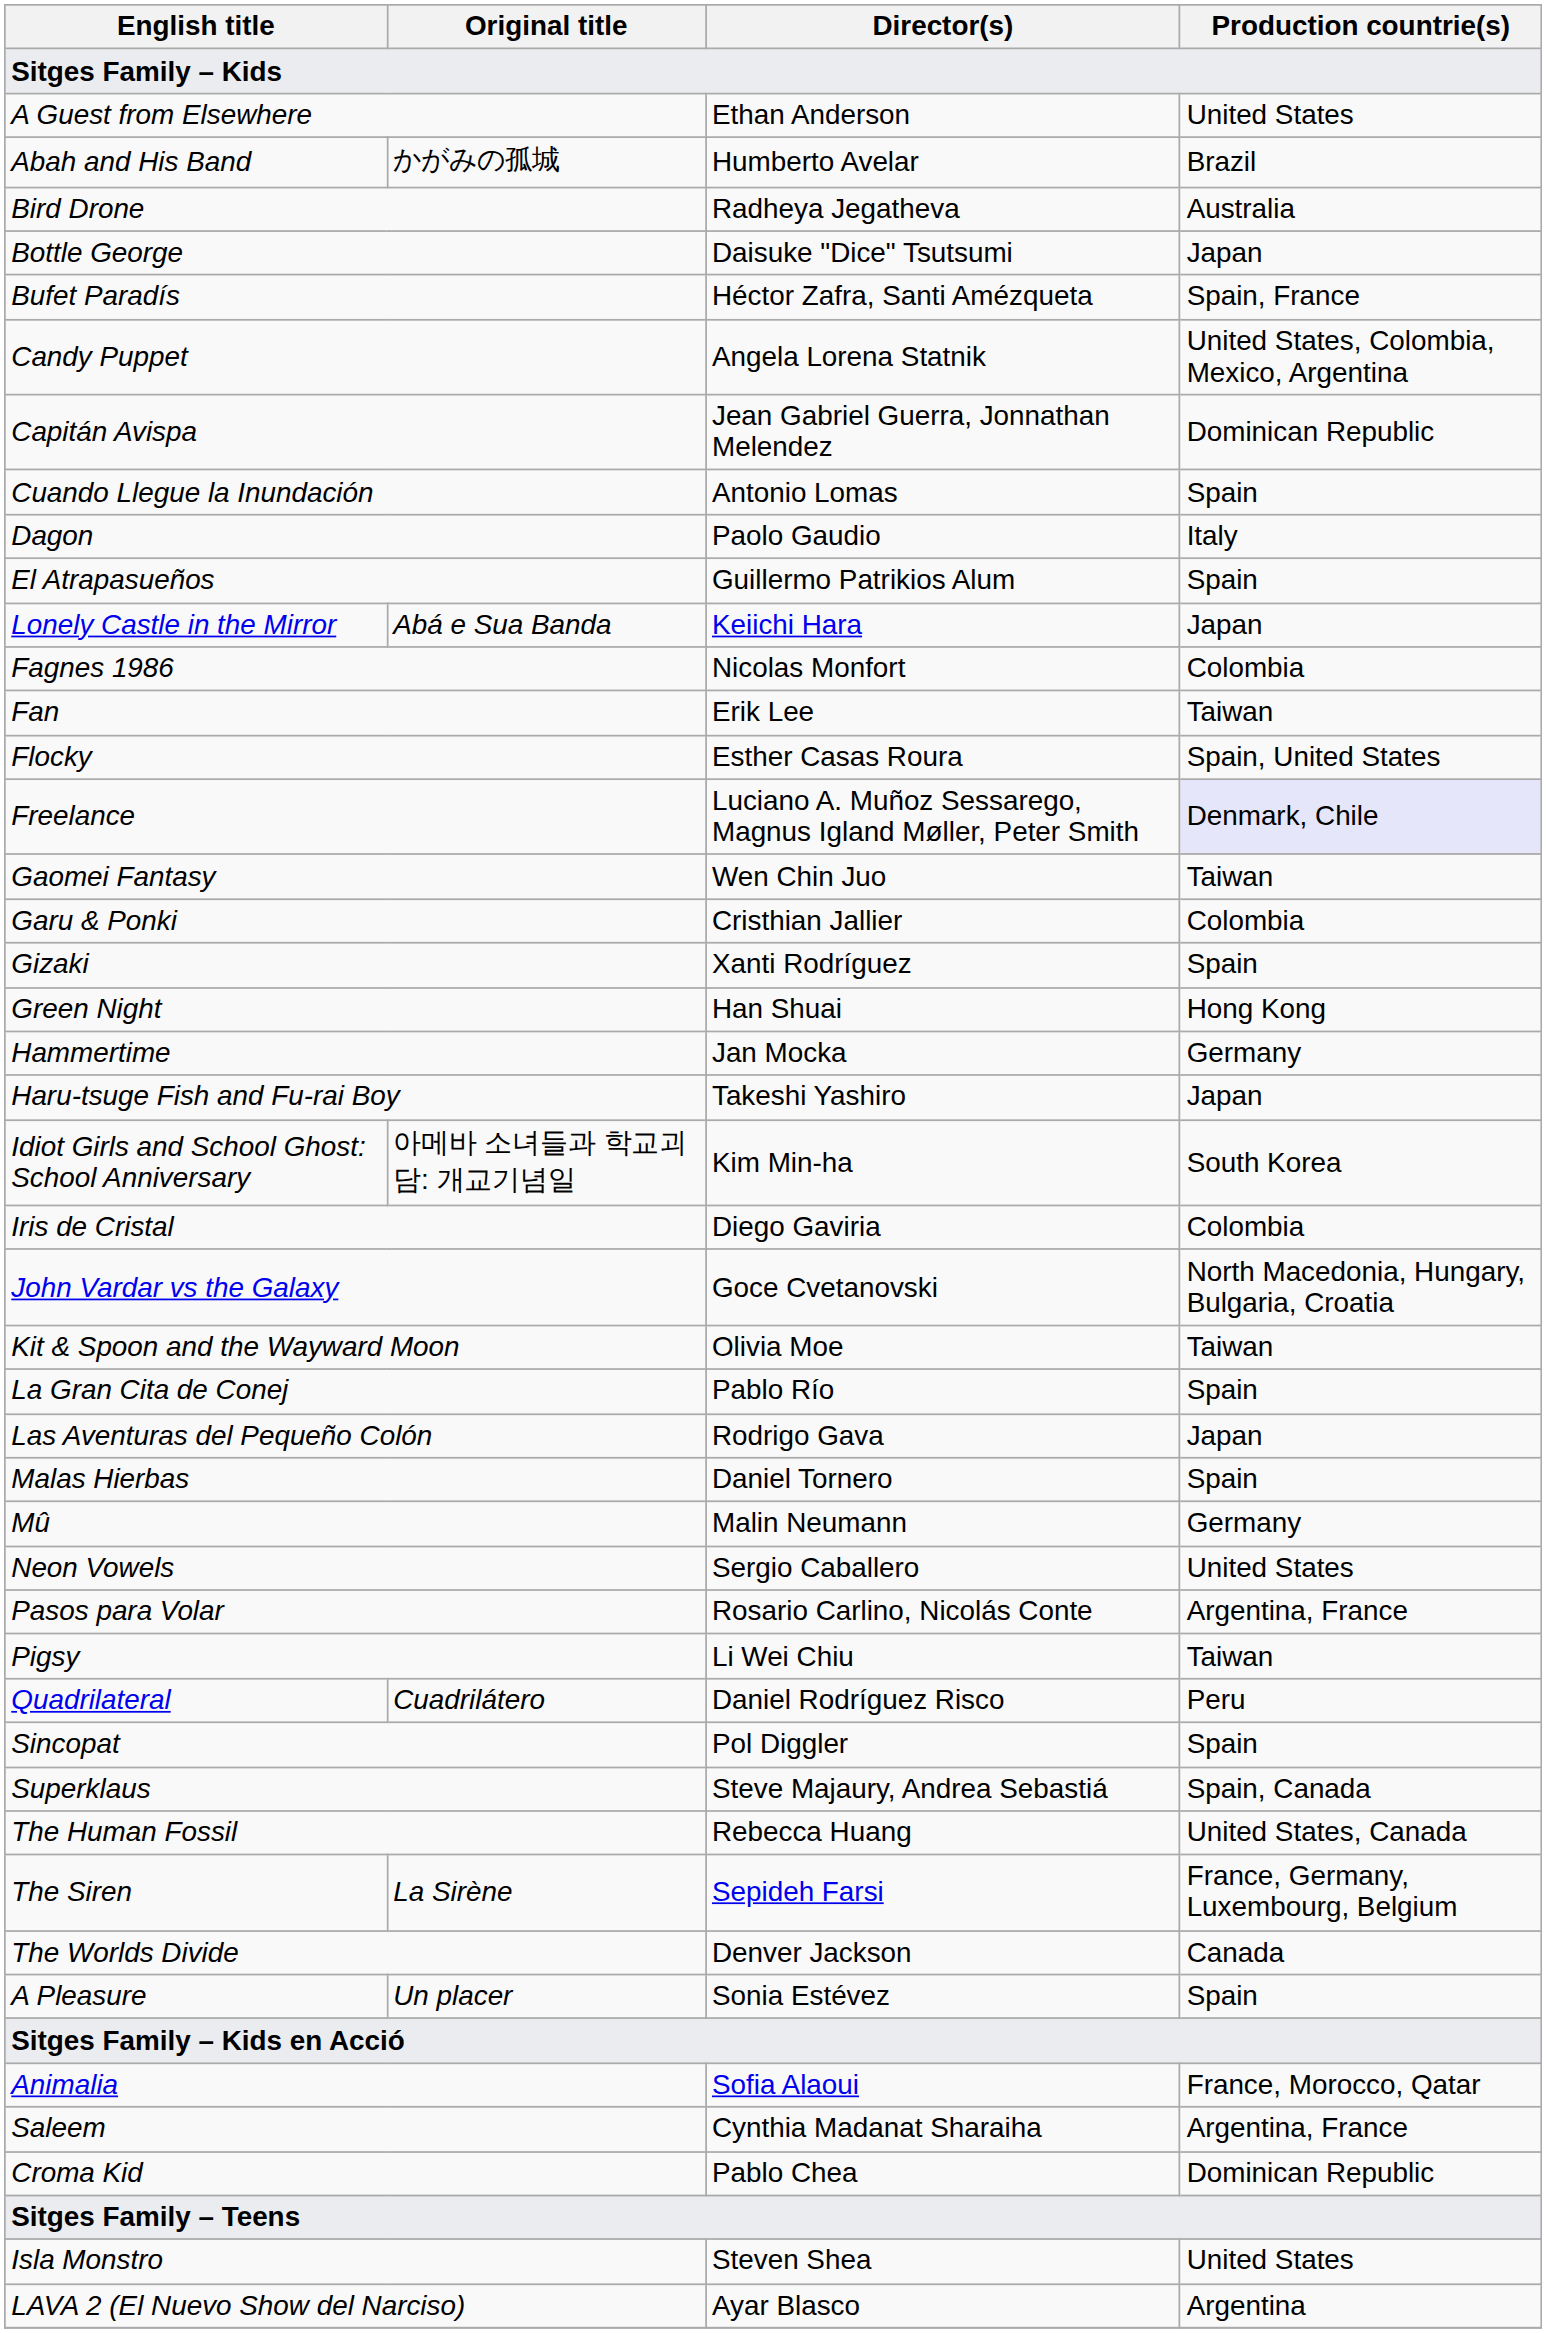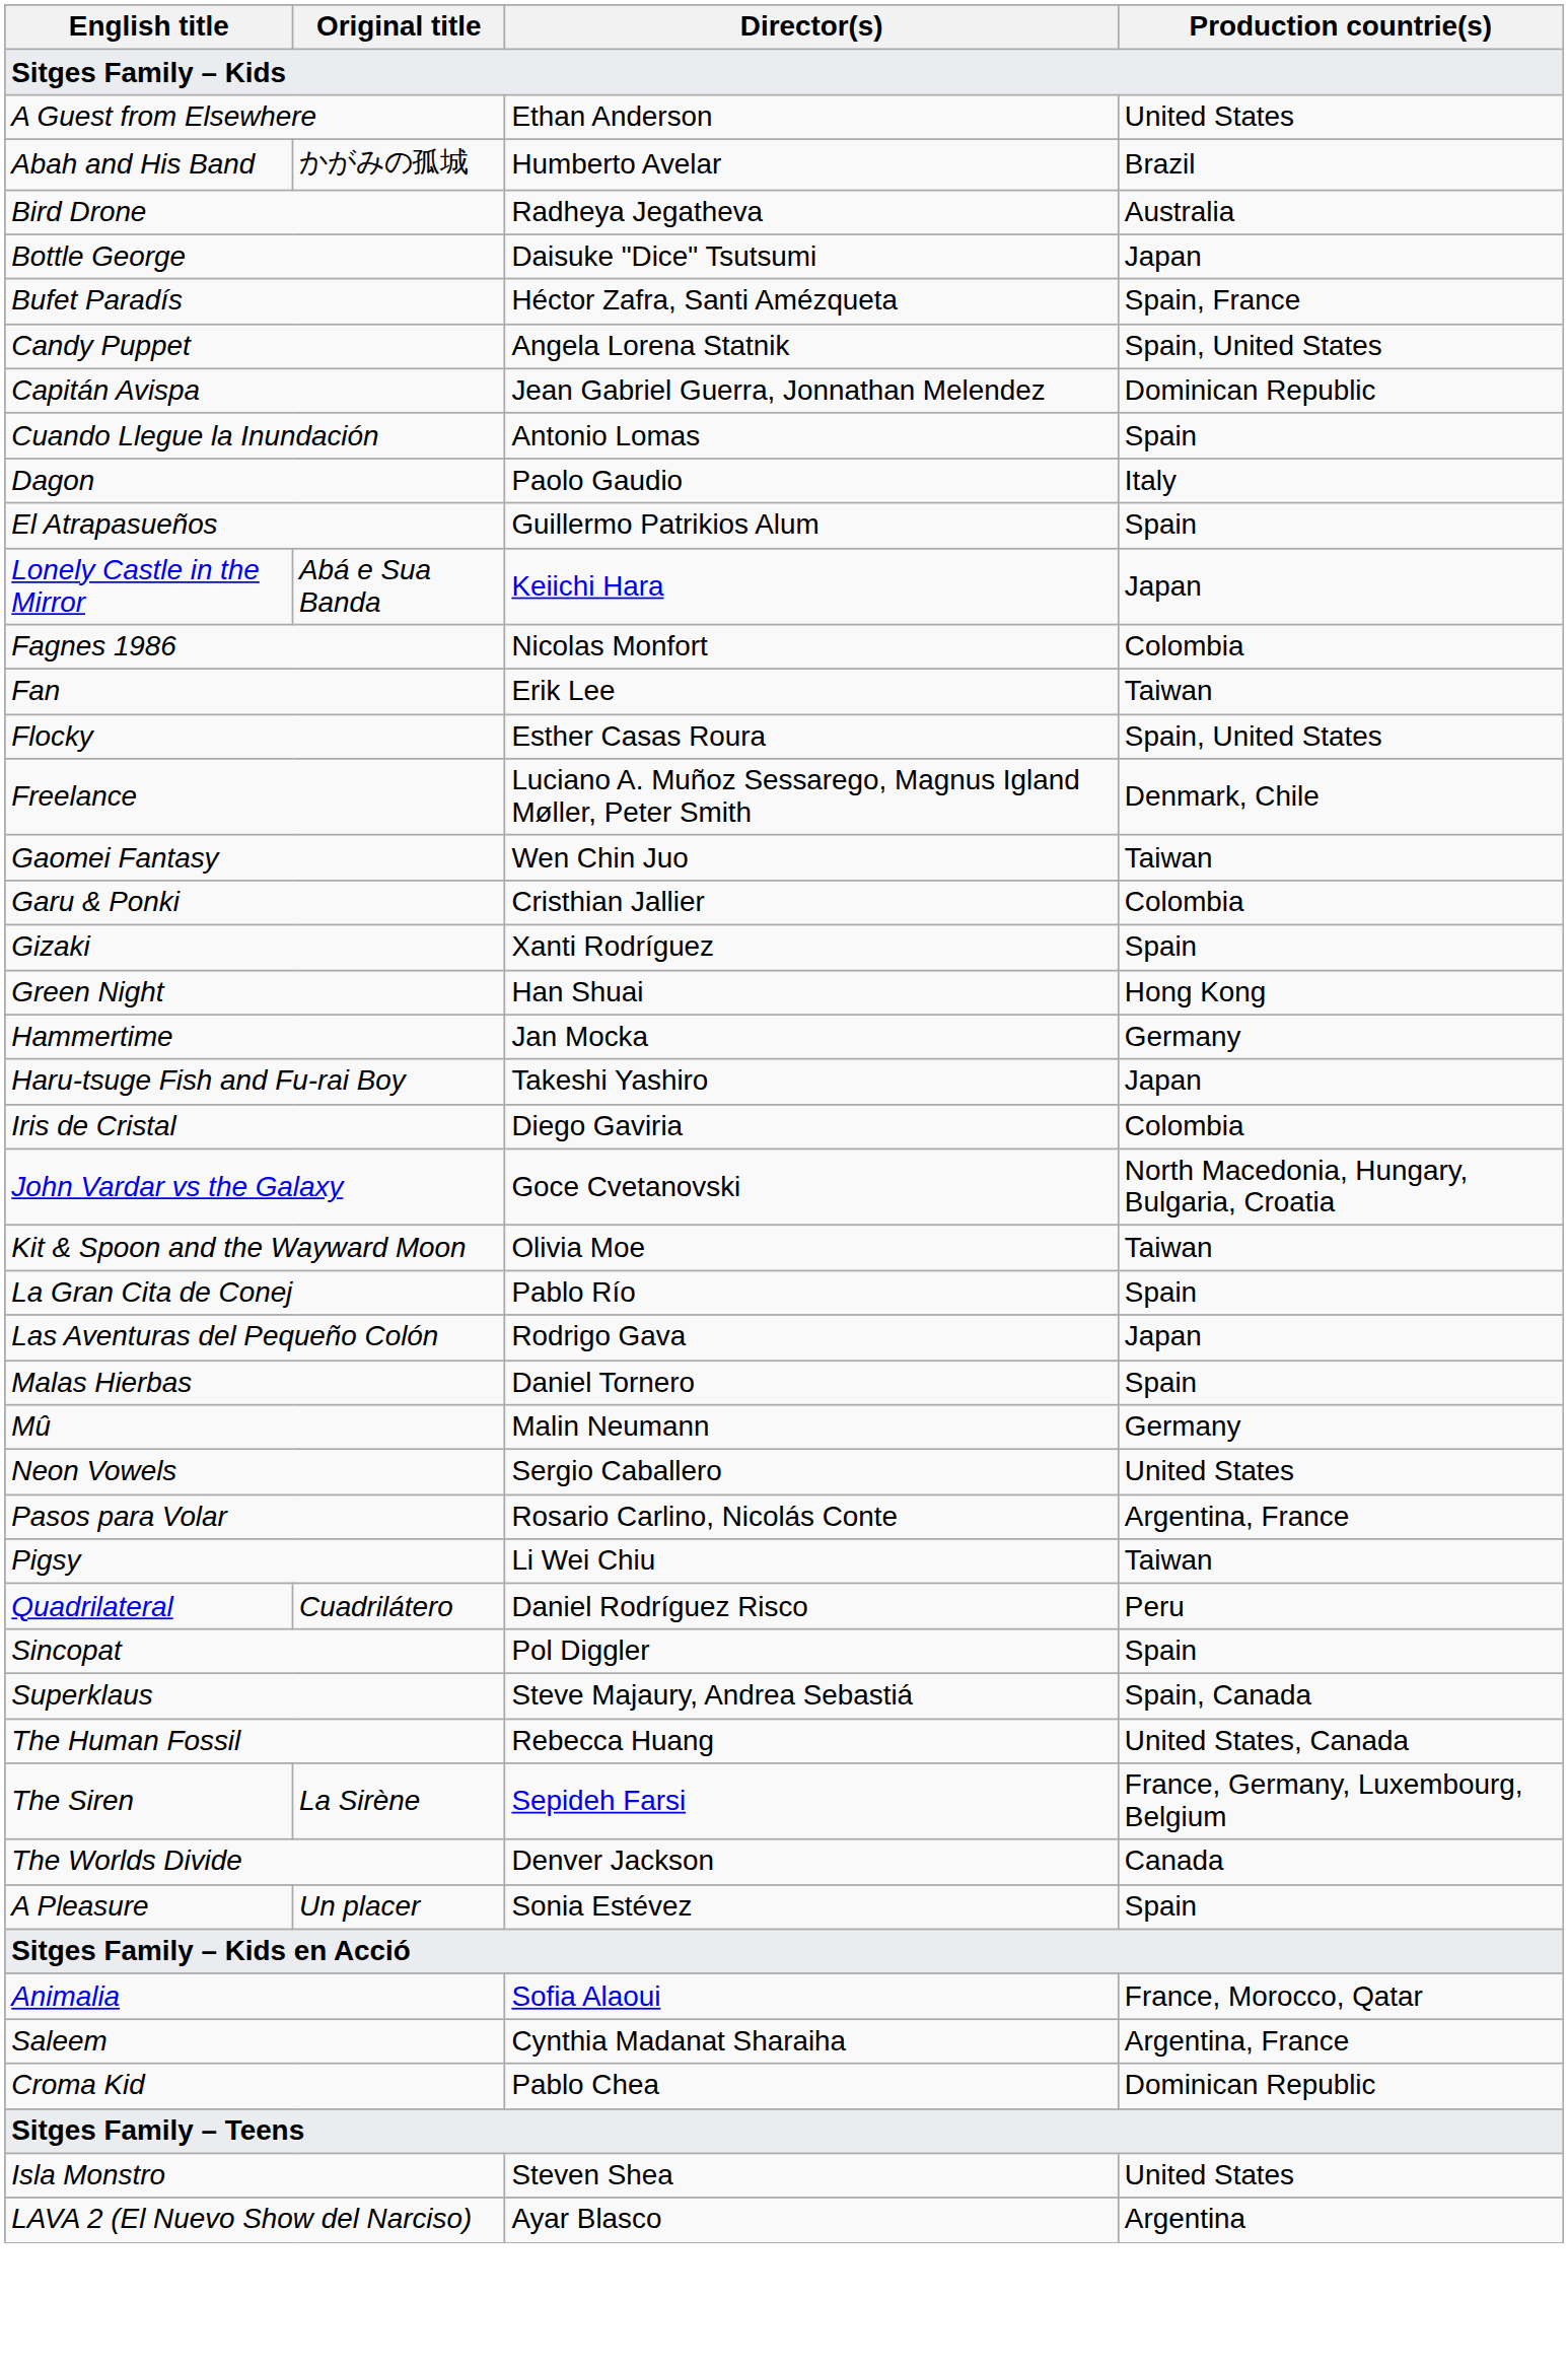 <table class="sortable wikitable" style="width:100%; margin-bottom:4px" cellpadding="5">
 <tr>
 <th scope="col">English title</th>
 <th scope="col">Original title</th>
 <th scope="col">Director(s)</th>
 <th scope="col">Production countrie(s)</th>
 </tr>
 <tr>
 <td colspan=4 class="center" style="padding-center:120px; background-color:#EAECF0"><strong>Sitges Family – Kids</strong></td>
 </tr>
 <tr>
 <td colspan="2"><em>A Guest from Elsewhere</em></td>
 <td>Ethan Anderson</td>
 <td>United States</td>
 </tr>
 <tr>
 <td><em>Abah and His Band</em></td>
 <td>かがみの孤城</td>
 <td>Humberto Avelar</td>
 <td>Brazil</td>
 </tr>
 <tr>
 <td colspan="2"><em>Bird Drone</em></td>
 <td>Radheya Jegatheva</td>
 <td>Australia</td>
 </tr>
 <tr>
 <td colspan="2"><em>Bottle George</em></td>
 <td>Daisuke "Dice" Tsutsumi</td>
 <td>Japan</td>
 </tr>
 <tr>
 <td colspan="2"><em>Bufet Paradís</em></td>
 <td>Héctor Zafra, Santi Amézqueta</td>
 <td>Spain, France</td>
 </tr>
 <tr>
 <td colspan="2"><em>Candy Puppet</em></td>
 <td>Angela Lorena Statnik</td>
-<td>United States, Colombia, Mexico, Argentina</td>
+<td>Spain, United States</td>
 </tr>
 <tr>
 <td colspan="2"><em>Capitán Avispa</em></td>
 <td>Jean Gabriel Guerra, Jonnathan Melendez</td>
 <td>Dominican Republic</td>
 </tr>
 <tr>
 <td colspan="2"><em>Cuando Llegue la Inundación</em></td>
 <td>Antonio Lomas</td>
 <td>Spain</td>
 </tr>
 <tr>
 <td colspan="2"><em>Dagon</em></td>
 <td>Paolo Gaudio</td>
 <td>Italy</td>
 </tr>
 <tr>
 <td colspan="2"><em>El Atrapasueños</em></td>
 <td>Guillermo Patrikios Alum</td>
 <td>Spain</td>
 </tr>
 <tr>
 <td><em><a href='#'>Lonely Castle in the Mirror</a></em></td>
 <td><em>Abá e Sua Banda</em></td>
 <td><a href='#'>Keiichi Hara</a></td>
 <td>Japan</td>
 </tr>
 <tr>
 <td colspan="2"><em>Fagnes 1986</em></td>
 <td>Nicolas Monfort</td>
 <td>Colombia</td>
 </tr>
 <tr>
 <td colspan="2"><em>Fan</em></td>
 <td>Erik Lee</td>
 <td>Taiwan</td>
 </tr>
 <tr>
 <td colspan="2"><em>Flocky</em></td>
 <td>Esther Casas Roura</td>
 <td>Spain, United States</td>
 </tr>
 <tr>
 <td colspan="2"><em>Freelance</em></td>
 <td>Luciano A. Muñoz Sessarego, Magnus Igland Møller, Peter Smith</td>
-<td style="background: lavender;">Denmark, Chile</td>
+<td>Denmark, Chile</td>
 </tr>
 <tr>
 <td colspan="2"><em>Gaomei Fantasy</em></td>
 <td>Wen Chin Juo</td>
 <td>Taiwan</td>
 </tr>
 <tr>
 <td colspan="2"><em>Garu & Ponki</em></td>
 <td>Cristhian Jallier</td>
 <td>Colombia</td>
 </tr>
 <tr>
 <td colspan="2"><em>Gizaki</em></td>
 <td>Xanti Rodríguez</td>
 <td>Spain</td>
 </tr>
 <tr>
 <td colspan="2"><em>Green Night</em></td>
 <td>Han Shuai</td>
 <td>Hong Kong</td>
 </tr>
 <tr>
 <td colspan="2"><em>Hammertime</em></td>
 <td>Jan Mocka</td>
 <td>Germany</td>
 </tr>
 <tr>
 <td colspan="2"><em>Haru-tsuge Fish and Fu-rai Boy</em></td>
 <td>Takeshi Yashiro</td>
 <td>Japan</td>
-</tr>
-<tr>
-<td><em>Idiot Girls and School Ghost: School Anniversary</em></td>
-<td>아메바 소녀들과 학교괴담: 개교기념일</td>
-<td>Kim Min-ha</td>
-<td>South Korea</td>
 </tr>
 <tr>
 <td colspan="2"><em>Iris de Cristal</em></td>
 <td>Diego Gaviria</td>
 <td>Colombia</td>
 </tr>
 <tr>
 <td colspan="2"><em><a href='#'>John Vardar vs the Galaxy</a></em></td>
 <td>Goce Cvetanovski</td>
 <td>North Macedonia, Hungary, Bulgaria, Croatia</td>
 </tr>
 <tr>
 <td colspan="2"><em>Kit & Spoon and the Wayward Moon</em></td>
 <td>Olivia Moe</td>
 <td>Taiwan</td>
 </tr>
 <tr>
 <td colspan="2"><em>La Gran Cita de Conej</em></td>
 <td>Pablo Río</td>
 <td>Spain</td>
 </tr>
 <tr>
 <td colspan="2"><em>Las Aventuras del Pequeño Colón</em></td>
 <td>Rodrigo Gava</td>
 <td>Japan</td>
 </tr>
 <tr>
 <td colspan="2"><em>Malas Hierbas</em></td>
 <td>Daniel Tornero</td>
 <td>Spain</td>
 </tr>
 <tr>
 <td colspan="2"><em>Mû</em></td>
 <td>Malin Neumann</td>
 <td>Germany</td>
 </tr>
 <tr>
 <td colspan="2"><em>Neon Vowels</em></td>
 <td>Sergio Caballero</td>
 <td>United States</td>
 </tr>
 <tr>
 <td colspan="2"><em>Pasos para Volar</em></td>
 <td>Rosario Carlino, Nicolás Conte</td>
 <td>Argentina, France</td>
 </tr>
 <tr>
 <td colspan="2"><em>Pigsy</em></td>
 <td>Li Wei Chiu</td>
 <td>Taiwan</td>
 </tr>
 <tr>
 <td><em><a href='#'>Quadrilateral</a></em></td>
 <td><em>Cuadrilátero</em></td>
 <td>Daniel Rodríguez Risco</td>
 <td>Peru</td>
 </tr>
 <tr>
 <td colspan="2"><em>Sincopat</em></td>
 <td>Pol Diggler</td>
 <td>Spain</td>
 </tr>
 <tr>
 <td colspan="2"><em>Superklaus</em></td>
 <td>Steve Majaury, Andrea Sebastiá</td>
 <td>Spain, Canada</td>
 </tr>
 <tr>
 <td colspan="2"><em>The Human Fossil</em></td>
 <td>Rebecca Huang</td>
 <td>United States, Canada</td>
 </tr>
 <tr>
 <td><em>The Siren</em></td>
 <td><em>La Sirène</em></td>
 <td><a href='#'>Sepideh Farsi</a></td>
 <td>France, Germany, Luxembourg, Belgium</td>
 </tr>
 <tr>
 <td colspan="2"><em>The Worlds Divide</em></td>
 <td>Denver Jackson</td>
 <td>Canada</td>
 </tr>
 <tr>
 <td><em>A Pleasure</em></td>
 <td><em>Un placer</em></td>
 <td>Sonia Estévez</td>
 <td>Spain</td>
 </tr>
 <tr>
 <td colspan=4 class="center" style="padding-center:120px; background-color:#EAECF0"><strong>Sitges Family – Kids en Acció</strong></td>
 </tr>
 <tr>
 <td colspan="2"><em><a href='#'>Animalia</a></em></td>
 <td><a href='#'>Sofia Alaoui</a></td>
 <td>France, Morocco, Qatar</td>
 </tr>
 <tr>
 <td colspan="2"><em>Saleem</em></td>
 <td>Cynthia Madanat Sharaiha</td>
 <td>Argentina, France</td>
 </tr>
 <tr>
 <td colspan="2"><em>Croma Kid</em></td>
 <td>Pablo Chea</td>
 <td>Dominican Republic</td>
 </tr>
 <tr>
 <td colspan=4 class="center" style="padding-center:120px; background-color:#EAECF0"><strong>Sitges Family – Teens</strong></td>
 </tr>
 <tr>
 <td colspan="2"><em>Isla Monstro</em></td>
 <td>Steven Shea</td>
 <td>United States</td>
 </tr>
 <tr>
 <td colspan="2"><em>LAVA 2 (El Nuevo Show del Narciso)</em></td>
 <td>Ayar Blasco</td>
 <td>Argentina</td>
 </tr>
 <tr>
 </tr>
 </table>
